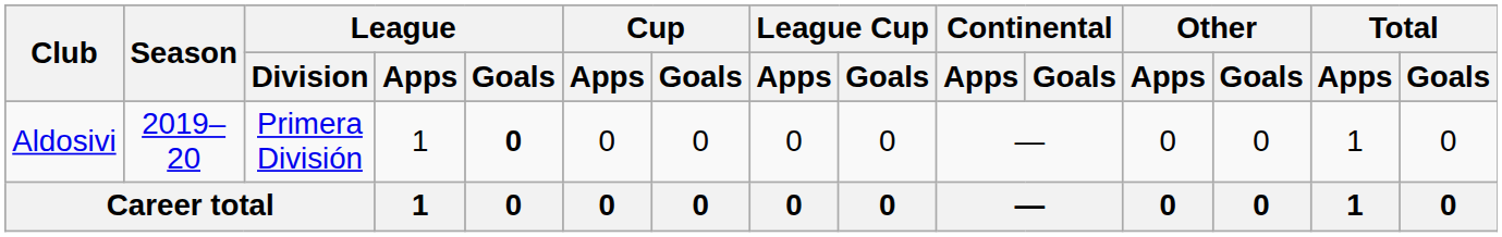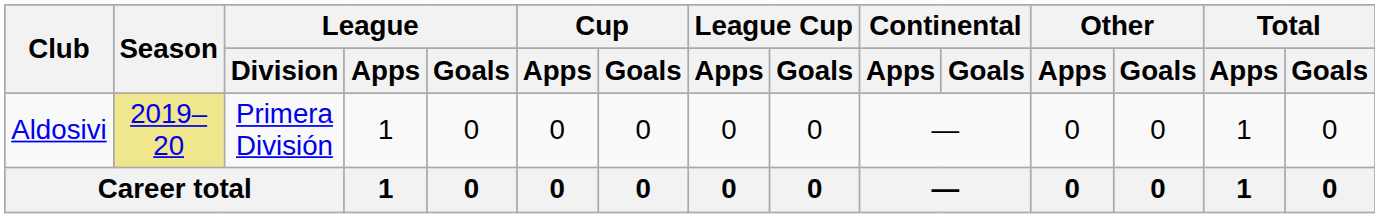 <table class="wikitable" style="text-align:center">
 <tr>
 <th rowspan="2">Club</th>
 <th rowspan="2">Season</th>
 <th colspan="3">League</th>
 <th colspan="2">Cup</th>
 <th colspan="2">League Cup</th>
 <th colspan="2">Continental</th>
 <th colspan="2">Other</th>
 <th colspan="2">Total</th>
 </tr>
 <tr>
 <th>Division</th>
 <th>Apps</th>
 <th>Goals</th>
 <th>Apps</th>
 <th>Goals</th>
 <th>Apps</th>
 <th>Goals</th>
 <th>Apps</th>
 <th>Goals</th>
 <th>Apps</th>
 <th>Goals</th>
 <th>Apps</th>
 <th>Goals</th>
 </tr>
 <tr>
 <td rowspan="1"><a href='#'>Aldosivi</a></td>
-<td><a href='#'>2019–20</a></td>
+<td style="background: khaki;"><a href='#'>2019–20</a></td>
 <td rowspan="1"><a href='#'>Primera División</a></td>
 <td>1</td>
-<td><strong>0</strong></td>
+<td>0</td>
 <td>0</td>
 <td>0</td>
 <td>0</td>
 <td>0</td>
 <td colspan="2">—</td>
 <td>0</td>
 <td>0</td>
 <td>1</td>
 <td>0</td>
 </tr>
 <tr>
 <th colspan="3">Career total</th>
 <th>1</th>
 <th>0</th>
 <th>0</th>
 <th>0</th>
 <th>0</th>
 <th>0</th>
 <th colspan="2">—</th>
 <th>0</th>
 <th>0</th>
 <th>1</th>
 <th>0</th>
 </tr>
 </table>
